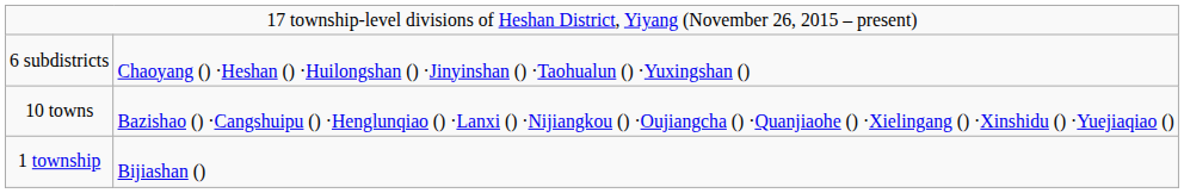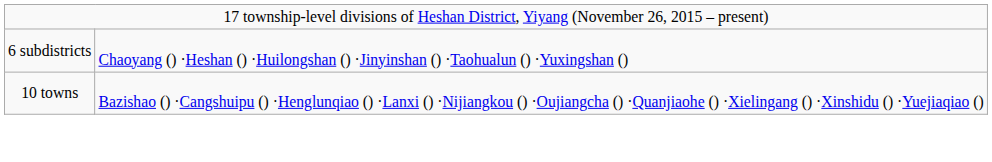 <table class="wikitable">
 <tr>
 <td style="text-align:center;" colspan="2">17 township-level divisions of <a href='#'>Heshan District</a>, <a href='#'>Yiyang</a> (November 26, 2015 – present)</td>
 </tr>
 <tr align=left>
 <td align=center>6 subdistricts</td>
 <td><br><a href='#'>Chaoyang</a> () ·<a href='#'>Heshan</a> () ·<a href='#'>Huilongshan</a> () ·<a href='#'>Jinyinshan</a> () ·<a href='#'>Taohualun</a> () ·<a href='#'>Yuxingshan</a> ()</td>
 </tr>
 <tr align=left>
 <td align=center>10 towns</td>
 <td><br><a href='#'>Bazishao</a> () ·<a href='#'>Cangshuipu</a> () ·<a href='#'>Henglunqiao</a> () ·<a href='#'>Lanxi</a> () ·<a href='#'>Nijiangkou</a> () ·<a href='#'>Oujiangcha</a> () ·<a href='#'>Quanjiaohe</a> () ·<a href='#'>Xielingang</a> () ·<a href='#'>Xinshidu</a> () ·<a href='#'>Yuejiaqiao</a> ()</td>
 </tr>
-<tr align=left>
-<td align=center>1 <a href='#'>township</a></td>
-<td><br><a href='#'>Bijiashan</a> ()</td>
-</tr>
 </table>
